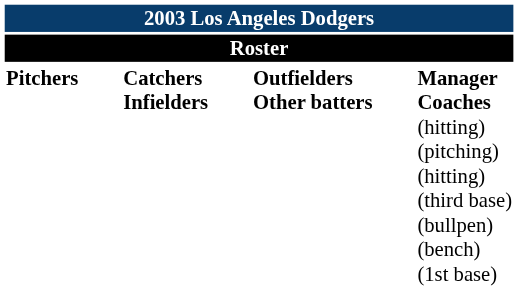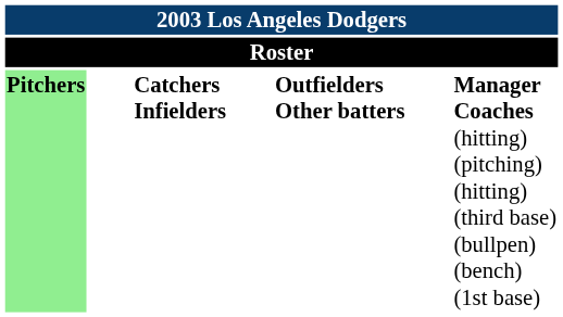 <table class="toccolours" style="font-size: 95%;">
 <tr>
 <th colspan="10" style="background-color: #083c6b; color: #FFFFFF; text-align: center;">2003 Los Angeles Dodgers</th>
 </tr>
 <tr>
 <td colspan="10" style="background-color: black; color: #FFFFFF; text-align: center;"><strong>Roster</strong></td>
 </tr>
 <tr>
-<td valign="top"><strong>Pitchers</strong><br>                                </td>
+<td valign="top" style="background: lightgreen;"><strong>Pitchers</strong><br>                                </td>
 <td width="25px"></td>
 <td valign="top"><strong>Catchers</strong><br>   <strong>Infielders</strong>       </td>
 <td width="25px"></td>
 <td valign="top"><strong>Outfielders</strong><br>           <strong>Other batters</strong>    </td>
 <td width="25px"></td>
 <td valign="top"><strong>Manager</strong><br> <strong>Coaches</strong>  <br>(hitting) <br> (pitching)  <br>(hitting)  <br> (third base)  <br>(bullpen)    <br>(bench)  <br>(1st base)</td>
 </tr>
 </table>
